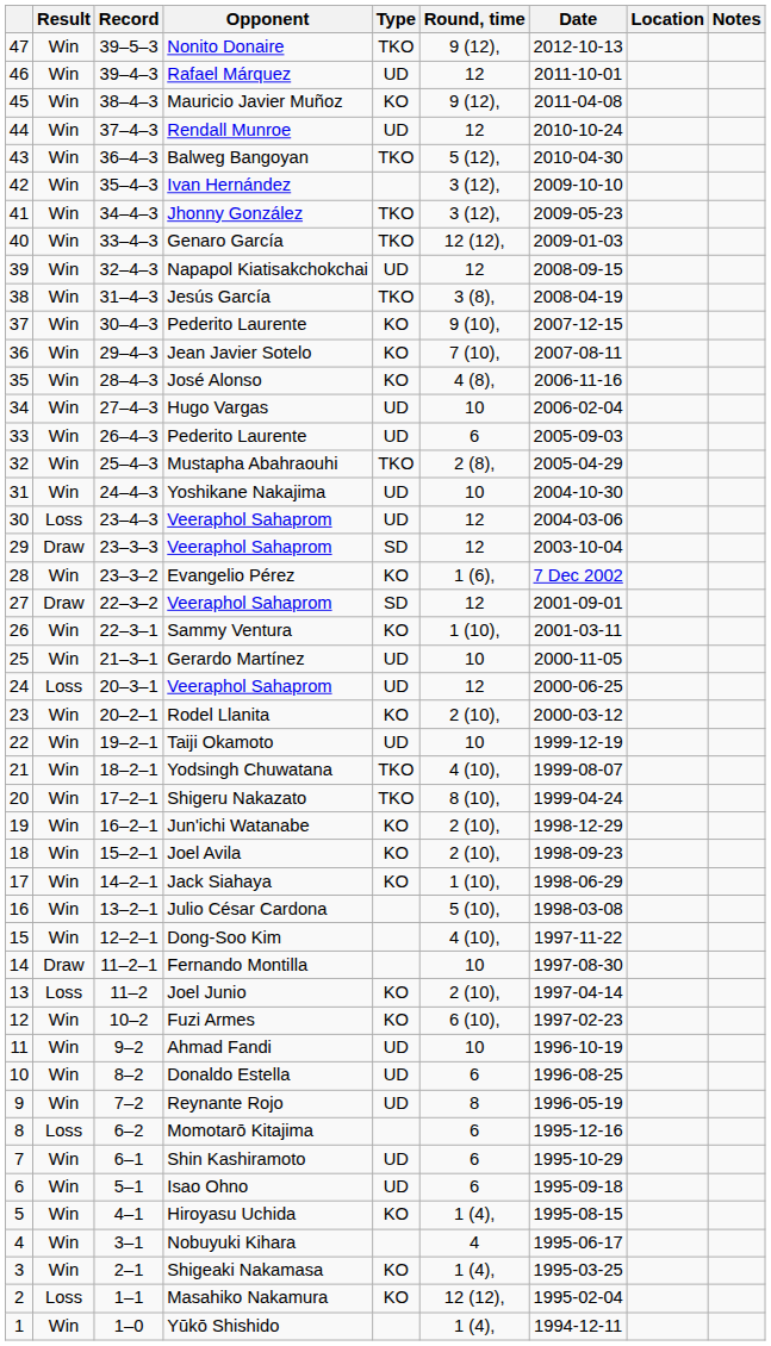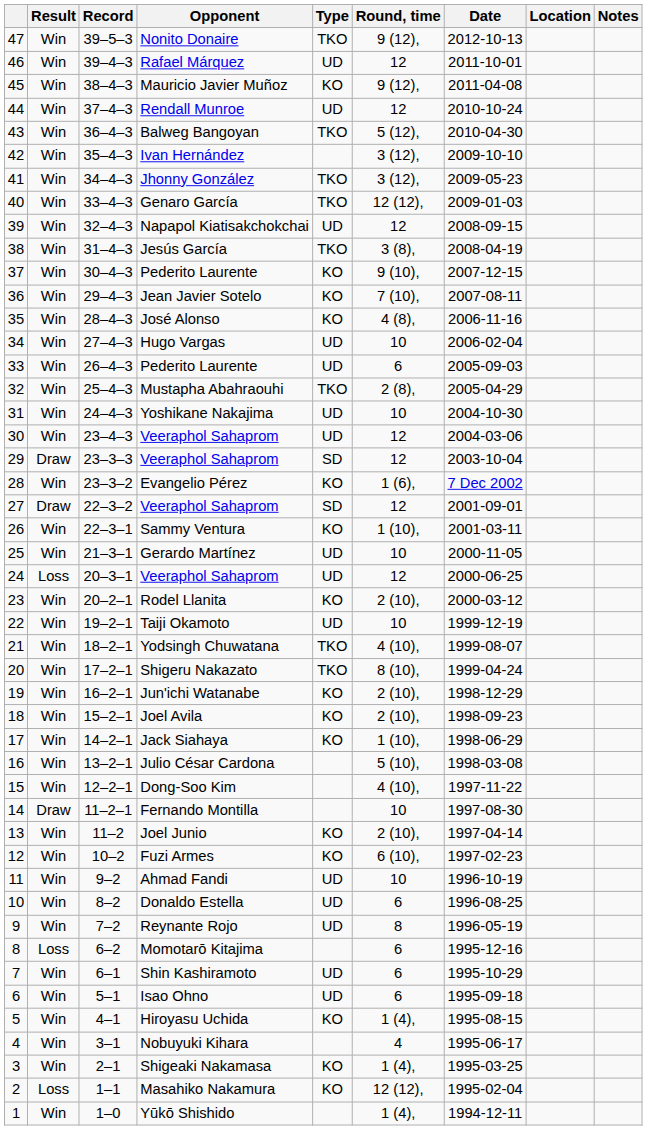 <table class="wikitable" style="text-align:center">
 <tr>
 <th></th>
 <th>Result</th>
 <th>Record</th>
 <th>Opponent</th>
 <th>Type</th>
 <th>Round, time</th>
 <th>Date</th>
 <th>Location</th>
 <th>Notes</th>
 </tr>
 <tr>
 <td>47</td>
 <td>Win</td>
 <td>39–5–3</td>
 <td style="text-align:left;"><a href='#'>Nonito Donaire</a></td>
 <td>TKO</td>
 <td>9 (12), </td>
 <td>2012-10-13</td>
 <td style="text-align:left;"></td>
 <td style="text-align:left;"></td>
 </tr>
 <tr>
 <td>46</td>
 <td>Win</td>
 <td>39–4–3</td>
 <td style="text-align:left;"><a href='#'>Rafael Márquez</a></td>
 <td>UD</td>
 <td>12</td>
 <td>2011-10-01</td>
 <td style="text-align:left;"></td>
 <td style="text-align:left;"></td>
 </tr>
 <tr>
 <td>45</td>
 <td>Win</td>
 <td>38–4–3</td>
 <td style="text-align:left;">Mauricio Javier Muñoz</td>
 <td>KO</td>
 <td>9 (12), </td>
 <td>2011-04-08</td>
 <td style="text-align:left;"></td>
 <td style="text-align:left;"></td>
 </tr>
 <tr>
 <td>44</td>
 <td>Win</td>
 <td>37–4–3</td>
 <td style="text-align:left;"><a href='#'>Rendall Munroe</a></td>
 <td>UD</td>
 <td>12</td>
 <td>2010-10-24</td>
 <td style="text-align:left;"></td>
 <td style="text-align:left;"></td>
 </tr>
 <tr>
 <td>43</td>
 <td>Win</td>
 <td>36–4–3</td>
 <td style="text-align:left;">Balweg Bangoyan</td>
 <td>TKO</td>
 <td>5 (12), </td>
 <td>2010-04-30</td>
 <td style="text-align:left;"></td>
 <td style="text-align:left;"></td>
 </tr>
 <tr>
 <td>42</td>
 <td>Win</td>
 <td>35–4–3</td>
 <td style="text-align:left;"><a href='#'>Ivan Hernández</a></td>
 <td></td>
 <td>3 (12), </td>
 <td>2009-10-10</td>
 <td style="text-align:left;"></td>
 <td style="text-align:left;"></td>
 </tr>
 <tr>
 <td>41</td>
 <td>Win</td>
 <td>34–4–3</td>
 <td style="text-align:left;"><a href='#'>Jhonny González</a></td>
 <td>TKO</td>
 <td>3 (12), </td>
 <td>2009-05-23</td>
 <td style="text-align:left;"></td>
 <td style="text-align:left;"></td>
 </tr>
 <tr>
 <td>40</td>
 <td>Win</td>
 <td>33–4–3</td>
 <td style="text-align:left;">Genaro García</td>
 <td>TKO</td>
 <td>12 (12), </td>
 <td>2009-01-03</td>
 <td style="text-align:left;"></td>
 <td style="text-align:left;"></td>
 </tr>
 <tr>
 <td>39</td>
 <td>Win</td>
 <td>32–4–3</td>
 <td style="text-align:left;">Napapol Kiatisakchokchai</td>
 <td>UD</td>
 <td>12</td>
 <td>2008-09-15</td>
 <td style="text-align:left;"></td>
 <td style="text-align:left;"></td>
 </tr>
 <tr>
 <td>38</td>
 <td>Win</td>
 <td>31–4–3</td>
 <td style="text-align:left;">Jesús García</td>
 <td>TKO</td>
 <td>3 (8), </td>
 <td>2008-04-19</td>
 <td style="text-align:left;"></td>
 <td></td>
 </tr>
 <tr>
 <td>37</td>
 <td>Win</td>
 <td>30–4–3</td>
 <td style="text-align:left;">Pederito Laurente</td>
 <td>KO</td>
 <td>9 (10), </td>
 <td>2007-12-15</td>
 <td style="text-align:left;"></td>
 <td></td>
 </tr>
 <tr>
 <td>36</td>
 <td>Win</td>
 <td>29–4–3</td>
 <td style="text-align:left;">Jean Javier Sotelo</td>
 <td>KO</td>
 <td>7 (10), </td>
 <td>2007-08-11</td>
 <td style="text-align:left;"></td>
 <td></td>
 </tr>
 <tr>
 <td>35</td>
 <td>Win</td>
 <td>28–4–3</td>
 <td style="text-align:left;">José Alonso</td>
 <td>KO</td>
 <td>4 (8), </td>
 <td>2006-11-16</td>
 <td style="text-align:left;"></td>
 <td></td>
 </tr>
 <tr>
 <td>34</td>
 <td>Win</td>
 <td>27–4–3</td>
 <td style="text-align:left;">Hugo Vargas</td>
 <td>UD</td>
 <td>10</td>
 <td>2006-02-04</td>
 <td style="text-align:left;"></td>
 <td></td>
 </tr>
 <tr>
 <td>33</td>
 <td>Win</td>
 <td>26–4–3</td>
 <td style="text-align:left;">Pederito Laurente</td>
 <td>UD</td>
 <td>6</td>
 <td>2005-09-03</td>
 <td style="text-align:left;"></td>
 <td></td>
 </tr>
 <tr>
 <td>32</td>
 <td>Win</td>
 <td>25–4–3</td>
 <td style="text-align:left;">Mustapha Abahraouhi</td>
 <td>TKO</td>
 <td>2 (8), </td>
 <td>2005-04-29</td>
 <td style="text-align:left;"></td>
 <td></td>
 </tr>
 <tr>
 <td>31</td>
 <td>Win</td>
 <td>24–4–3</td>
 <td style="text-align:left;">Yoshikane Nakajima</td>
 <td>UD</td>
 <td>10</td>
 <td>2004-10-30</td>
 <td style="text-align:left;"></td>
 <td></td>
 </tr>
 <tr>
 <td>30</td>
-<td>Loss</td>
+<td>Win</td>
 <td>23–4–3</td>
 <td style="text-align:left;"><a href='#'>Veeraphol Sahaprom</a></td>
 <td>UD</td>
 <td>12</td>
 <td>2004-03-06</td>
 <td style="text-align:left;"></td>
 <td style="text-align:left;"></td>
 </tr>
 <tr>
 <td>29</td>
 <td>Draw</td>
 <td>23–3–3</td>
 <td style="text-align:left;"><a href='#'>Veeraphol Sahaprom</a></td>
 <td>SD</td>
 <td>12</td>
 <td>2003-10-04</td>
 <td style="text-align:left;"></td>
 <td style="text-align:left;"></td>
 </tr>
 <tr>
 <td>28</td>
 <td>Win</td>
 <td>23–3–2</td>
 <td style="text-align:left;">Evangelio Pérez</td>
 <td>KO</td>
 <td>1 (6), </td>
 <td><a href='#'>7 Dec 2002</a></td>
 <td style="text-align:left;"></td>
 <td></td>
 </tr>
 <tr>
 <td>27</td>
 <td>Draw</td>
 <td>22–3–2</td>
 <td style="text-align:left;"><a href='#'>Veeraphol Sahaprom</a></td>
 <td>SD</td>
 <td>12</td>
 <td>2001-09-01</td>
 <td style="text-align:left;"></td>
 <td style="text-align:left;"></td>
 </tr>
 <tr>
 <td>26</td>
 <td>Win</td>
 <td>22–3–1</td>
 <td style="text-align:left;">Sammy Ventura</td>
 <td>KO</td>
 <td>1 (10), </td>
 <td>2001-03-11</td>
 <td style="text-align:left;"></td>
 <td></td>
 </tr>
 <tr>
 <td>25</td>
 <td>Win</td>
 <td>21–3–1</td>
 <td style="text-align:left;">Gerardo Martínez</td>
 <td>UD</td>
 <td>10</td>
 <td>2000-11-05</td>
 <td style="text-align:left;"></td>
 <td></td>
 </tr>
 <tr>
 <td>24</td>
 <td>Loss</td>
 <td>20–3–1</td>
 <td style="text-align:left;"><a href='#'>Veeraphol Sahaprom</a></td>
 <td>UD</td>
 <td>12</td>
 <td>2000-06-25</td>
 <td style="text-align:left;"></td>
 <td style="text-align:left;"></td>
 </tr>
 <tr>
 <td>23</td>
 <td>Win</td>
 <td>20–2–1</td>
 <td style="text-align:left;">Rodel Llanita</td>
 <td>KO</td>
 <td>2 (10), </td>
 <td>2000-03-12</td>
 <td style="text-align:left;"></td>
 <td></td>
 </tr>
 <tr>
 <td>22</td>
 <td>Win</td>
 <td>19–2–1</td>
 <td style="text-align:left;">Taiji Okamoto</td>
 <td>UD</td>
 <td>10</td>
 <td>1999-12-19</td>
 <td style="text-align:left;"></td>
 <td style="text-align:left;"></td>
 </tr>
 <tr>
 <td>21</td>
 <td>Win</td>
 <td>18–2–1</td>
 <td style="text-align:left;">Yodsingh Chuwatana</td>
 <td>TKO</td>
 <td>4 (10), </td>
 <td>1999-08-07</td>
 <td style="text-align:left;"></td>
 <td></td>
 </tr>
 <tr>
 <td>20</td>
 <td>Win</td>
 <td>17–2–1</td>
 <td style="text-align:left;">Shigeru Nakazato</td>
 <td>TKO</td>
 <td>8 (10), </td>
 <td>1999-04-24</td>
 <td style="text-align:left;"></td>
 <td style="text-align:left;"></td>
 </tr>
 <tr>
 <td>19</td>
 <td>Win</td>
 <td>16–2–1</td>
 <td style="text-align:left;">Jun'ichi Watanabe</td>
 <td>KO</td>
 <td>2 (10), </td>
 <td>1998-12-29</td>
 <td style="text-align:left;"></td>
 <td style="text-align:left;"></td>
 </tr>
 <tr>
 <td>18</td>
 <td>Win</td>
 <td>15–2–1</td>
 <td style="text-align:left;">Joel Avila</td>
 <td>KO</td>
 <td>2 (10), </td>
 <td>1998-09-23</td>
 <td style="text-align:left;"></td>
 <td></td>
 </tr>
 <tr>
 <td>17</td>
 <td>Win</td>
 <td>14–2–1</td>
 <td style="text-align:left;">Jack Siahaya</td>
 <td>KO</td>
 <td>1 (10), </td>
 <td>1998-06-29</td>
 <td style="text-align:left;"></td>
 <td></td>
 </tr>
 <tr>
 <td>16</td>
 <td>Win</td>
 <td>13–2–1</td>
 <td style="text-align:left;">Julio César Cardona</td>
 <td></td>
 <td>5 (10), </td>
 <td>1998-03-08</td>
 <td style="text-align:left;"></td>
 <td style="text-align:left;"></td>
 </tr>
 <tr>
 <td>15</td>
 <td>Win</td>
 <td>12–2–1</td>
 <td style="text-align:left;">Dong-Soo Kim</td>
 <td></td>
 <td>4 (10), </td>
 <td>1997-11-22</td>
 <td style="text-align:left;"></td>
 <td></td>
 </tr>
 <tr>
 <td>14</td>
 <td>Draw</td>
 <td>11–2–1</td>
 <td style="text-align:left;">Fernando Montilla</td>
 <td></td>
 <td>10</td>
 <td>1997-08-30</td>
 <td style="text-align:left;"></td>
 <td></td>
 </tr>
 <tr>
 <td>13</td>
-<td>Loss</td>
+<td>Win</td>
 <td>11–2</td>
 <td style="text-align:left;">Joel Junio</td>
 <td>KO</td>
 <td>2 (10), </td>
 <td>1997-04-14</td>
 <td style="text-align:left;"></td>
 <td></td>
 </tr>
 <tr>
 <td>12</td>
 <td>Win</td>
 <td>10–2</td>
 <td style="text-align:left;">Fuzi Armes</td>
 <td>KO</td>
 <td>6 (10), </td>
 <td>1997-02-23</td>
 <td style="text-align:left;"></td>
 <td></td>
 </tr>
 <tr>
 <td>11</td>
 <td>Win</td>
 <td>9–2</td>
 <td style="text-align:left;">Ahmad Fandi</td>
 <td>UD</td>
 <td>10</td>
 <td>1996-10-19</td>
 <td style="text-align:left;"></td>
 <td></td>
 </tr>
 <tr>
 <td>10</td>
 <td>Win</td>
 <td>8–2</td>
 <td style="text-align:left;">Donaldo Estella</td>
 <td>UD</td>
 <td>6</td>
 <td>1996-08-25</td>
 <td style="text-align:left;"></td>
 <td></td>
 </tr>
 <tr>
 <td>9</td>
 <td>Win</td>
 <td>7–2</td>
 <td style="text-align:left;">Reynante Rojo</td>
 <td>UD</td>
 <td>8</td>
 <td>1996-05-19</td>
 <td style="text-align:left;"></td>
 <td></td>
 </tr>
 <tr>
 <td>8</td>
 <td>Loss</td>
 <td>6–2</td>
 <td style="text-align:left;">Momotarō Kitajima</td>
 <td></td>
 <td>6</td>
 <td>1995-12-16</td>
 <td style="text-align:left;"></td>
 <td></td>
 </tr>
 <tr>
 <td>7</td>
 <td>Win</td>
 <td>6–1</td>
 <td style="text-align:left;">Shin Kashiramoto</td>
 <td>UD</td>
 <td>6</td>
 <td>1995-10-29</td>
 <td style="text-align:left;"></td>
 <td></td>
 </tr>
 <tr>
 <td>6</td>
 <td>Win</td>
 <td>5–1</td>
 <td style="text-align:left;">Isao Ohno</td>
 <td>UD</td>
 <td>6</td>
 <td>1995-09-18</td>
 <td style="text-align:left;"></td>
 <td></td>
 </tr>
 <tr>
 <td>5</td>
 <td>Win</td>
 <td>4–1</td>
 <td style="text-align:left;">Hiroyasu Uchida</td>
 <td>KO</td>
 <td>1 (4), </td>
 <td>1995-08-15</td>
 <td style="text-align:left;"></td>
 <td></td>
 </tr>
 <tr>
 <td>4</td>
 <td>Win</td>
 <td>3–1</td>
 <td style="text-align:left;">Nobuyuki Kihara</td>
 <td></td>
 <td>4</td>
 <td>1995-06-17</td>
 <td style="text-align:left;"></td>
 <td></td>
 </tr>
 <tr>
 <td>3</td>
 <td>Win</td>
 <td>2–1</td>
 <td style="text-align:left;">Shigeaki Nakamasa</td>
 <td>KO</td>
 <td>1 (4), </td>
 <td>1995-03-25</td>
 <td style="text-align:left;"></td>
 <td></td>
 </tr>
 <tr>
 <td>2</td>
 <td>Loss</td>
 <td>1–1</td>
 <td style="text-align:left;">Masahiko Nakamura</td>
 <td>KO</td>
 <td>12 (12), </td>
 <td>1995-02-04</td>
 <td style="text-align:left;"></td>
 <td></td>
 </tr>
 <tr>
 <td>1</td>
 <td>Win</td>
 <td>1–0</td>
 <td style="text-align:left;">Yūkō Shishido</td>
 <td></td>
 <td>1 (4), </td>
 <td>1994-12-11</td>
 <td style="text-align:left;"></td>
 <td style="text-align:left;"></td>
 </tr>
 </table>
